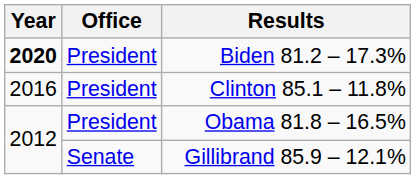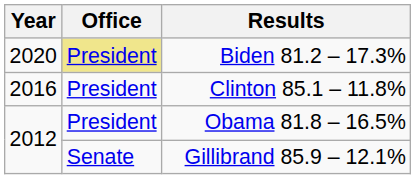 <table class=wikitable>
 <tr>
 <th width="30">Year</th>
 <th width="60">Office</th>
 <th width="180">Results</th>
 </tr>
 <tr>
-<td><strong>2020</strong></td>
-<td><a href='#'>President</a></td>
+<td>2020</td>
+<td style="background: khaki;"><a href='#'>President</a></td>
 <td align="right" ><a href='#'>Biden</a> 81.2 – 17.3%</td>
 </tr>
 <tr>
 <td>2016</td>
 <td><a href='#'>President</a></td>
 <td align="right" ><a href='#'>Clinton</a> 85.1 – 11.8%</td>
 </tr>
 <tr>
 <td rowspan="2">2012</td>
 <td><a href='#'>President</a></td>
 <td align="right" ><a href='#'>Obama</a> 81.8 – 16.5%</td>
 </tr>
 <tr>
 <td><a href='#'>Senate</a></td>
 <td align="right" ><a href='#'>Gillibrand</a> 85.9 – 12.1%</td>
 </tr>
 </table>
